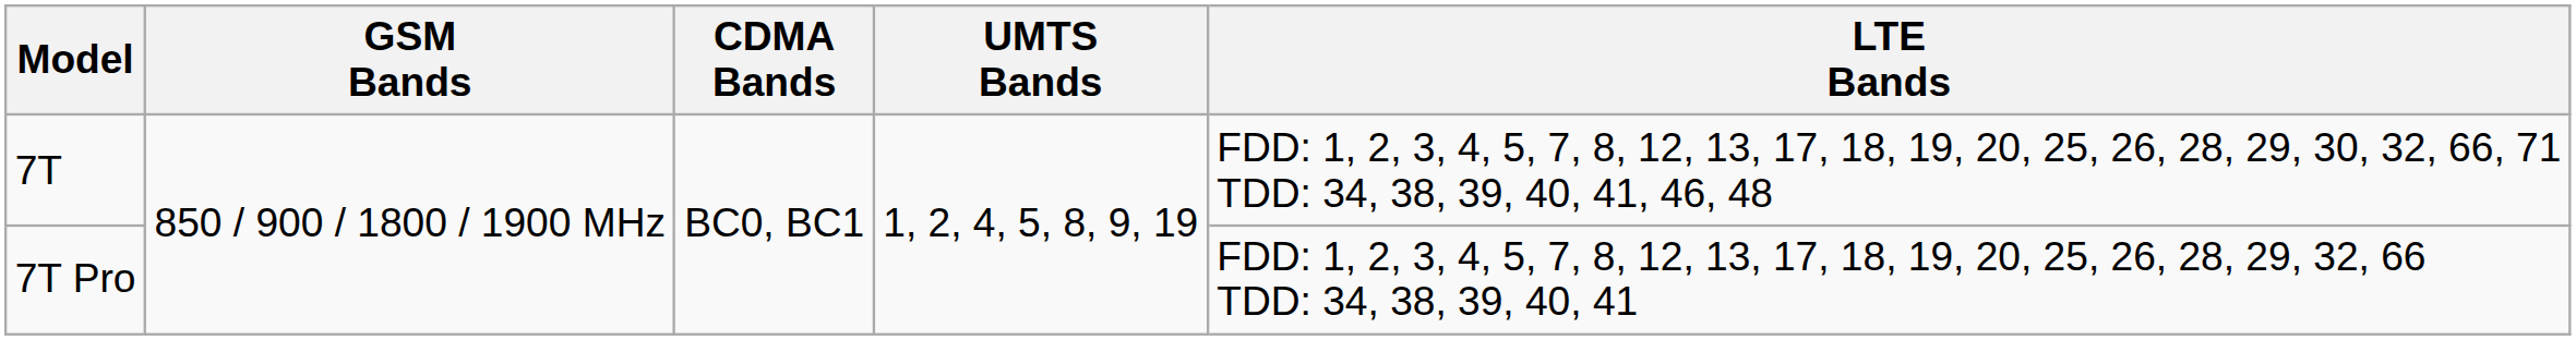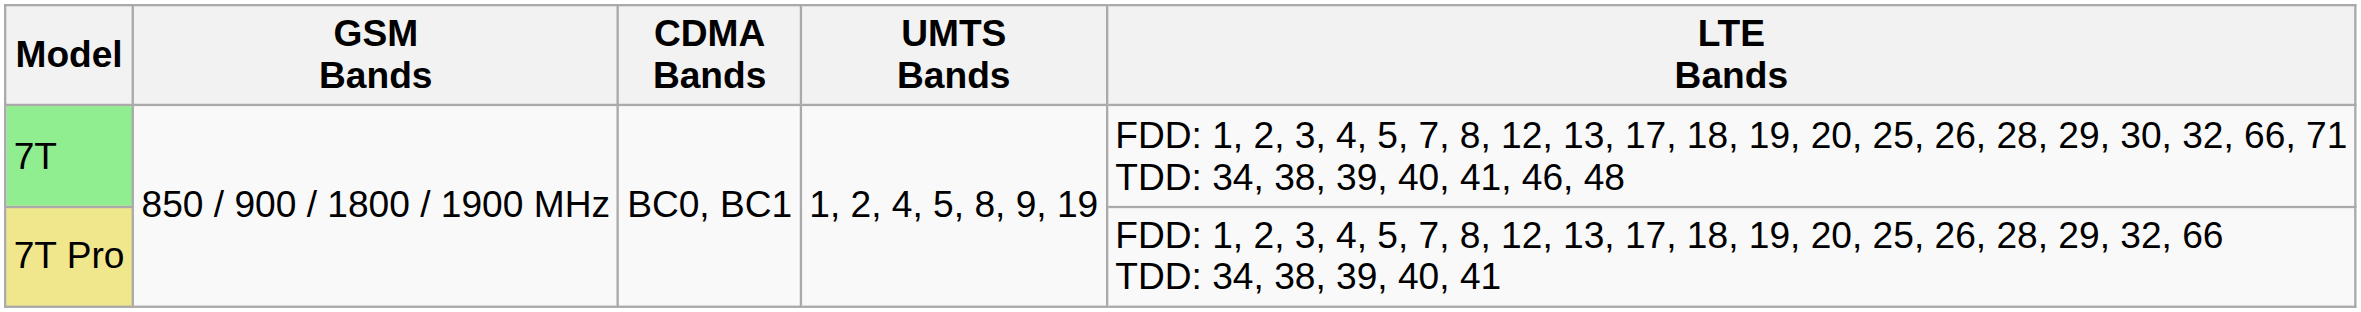 <table class="wikitable">
 <tr>
 <th>Model</th>
 <th>GSM<br>Bands</th>
 <th>CDMA<br>Bands</th>
 <th>UMTS<br>Bands</th>
 <th>LTE<br>Bands</th>
 </tr>
 <tr>
-<td>7T</td>
+<td style="background: lightgreen;">7T</td>
 <td rowspan="2">850 / 900 / 1800 / 1900 MHz</td>
 <td rowspan="2">BC0, BC1</td>
 <td rowspan="2">1, 2, 4, 5, 8, 9, 19</td>
 <td>FDD: 1, 2, 3, 4, 5, 7, 8, 12, 13, 17, 18, 19, 20, 25, 26, 28, 29, 30, 32, 66, 71<br>TDD: 34, 38, 39, 40, 41, 46, 48</td>
 </tr>
 <tr>
-<td>7T Pro</td>
+<td style="background: khaki;">7T Pro</td>
 <td>FDD: 1, 2, 3, 4, 5, 7, 8, 12, 13, 17, 18, 19, 20, 25, 26, 28, 29, 32, 66<br>TDD: 34, 38, 39, 40, 41</td>
 </tr>
 </table>
